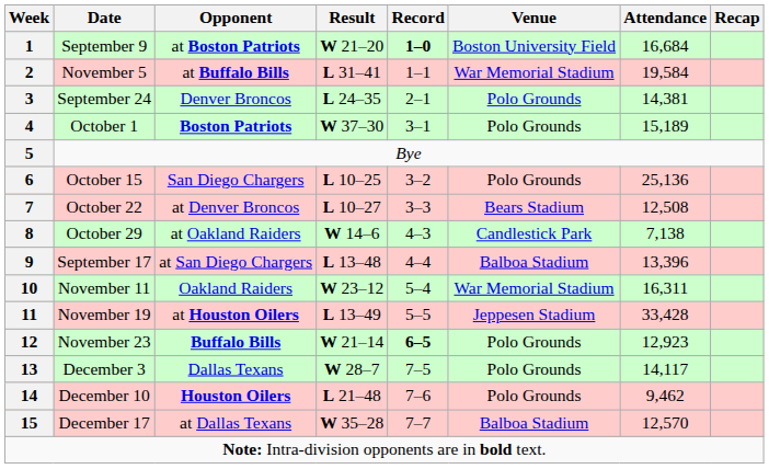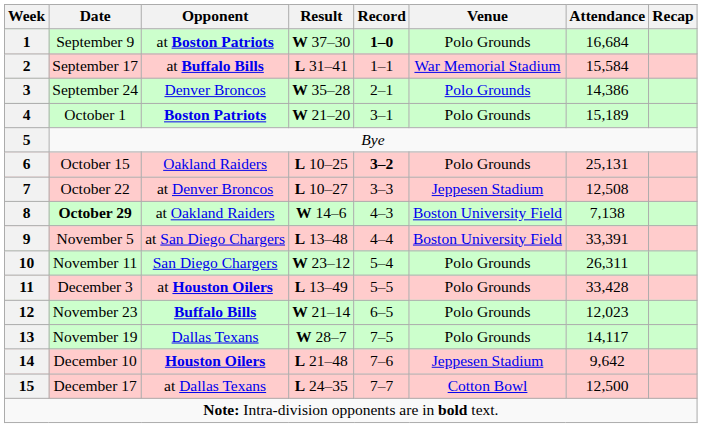 <table class="wikitable" style="text-align:center">
 <tr>
 <th>Week</th>
 <th>Date</th>
 <th>Opponent</th>
 <th>Result</th>
 <th>Record</th>
 <th>Venue</th>
 <th>Attendance</th>
 <th>Recap</th>
 </tr>
 <tr style="background: #cfc;">
 <th>1</th>
 <td>September 9</td>
 <td>at <strong><a href='#'>Boston Patriots</a></strong></td>
-<td><strong>W</strong> 21–20</td>
+<td><strong>W</strong> 37–30</td>
 <td><strong>1–0</strong></td>
-<td><a href='#'>Boston University Field</a></td>
+<td>Polo Grounds</td>
 <td>16,684</td>
 <td></td>
 </tr>
 <tr style="background: #fcc;">
 <th>2</th>
-<td>November 5</td>
+<td>September 17</td>
 <td>at <strong><a href='#'>Buffalo Bills</a></strong></td>
 <td><strong>L</strong> 31–41</td>
 <td>1–1</td>
 <td><a href='#'>War Memorial Stadium</a></td>
-<td>19,584</td>
+<td>15,584</td>
 <td></td>
 </tr>
 <tr style="background: #cfc;">
 <th>3</th>
 <td>September 24</td>
 <td><a href='#'>Denver Broncos</a></td>
-<td><strong>L</strong> 24–35</td>
+<td><strong>W</strong> 35–28</td>
 <td>2–1</td>
 <td><a href='#'>Polo Grounds</a></td>
-<td>14,381</td>
+<td>14,386</td>
 <td></td>
 </tr>
 <tr style="background: #cfc;">
 <th>4</th>
 <td>October 1</td>
 <td><strong><a href='#'>Boston Patriots</a></strong></td>
-<td><strong>W</strong> 37–30</td>
+<td><strong>W</strong> 21–20</td>
 <td>3–1</td>
 <td>Polo Grounds</td>
 <td>15,189</td>
 <td></td>
 </tr>
 <tr>
 <th>5</th>
 <td align=center colspan=7><em>Bye</em></td>
 </tr>
 <tr style="background: #fcc;">
 <th>6</th>
 <td>October 15</td>
-<td><a href='#'>San Diego Chargers</a></td>
+<td><a href='#'>Oakland Raiders</a></td>
 <td><strong>L</strong> 10–25</td>
-<td>3–2</td>
+<td><strong>3–2</strong></td>
 <td>Polo Grounds</td>
-<td>25,136</td>
+<td>25,131</td>
 <td></td>
 </tr>
 <tr style="background: #fcc;">
 <th>7</th>
 <td>October 22</td>
 <td>at <a href='#'>Denver Broncos</a></td>
 <td><strong>L</strong> 10–27</td>
 <td>3–3</td>
-<td><a href='#'>Bears Stadium</a></td>
+<td><a href='#'>Jeppesen Stadium</a></td>
 <td>12,508</td>
 <td></td>
 </tr>
 <tr style="background: #cfc;">
 <th>8</th>
-<td>October 29</td>
+<td><strong>October 29</strong></td>
 <td>at <a href='#'>Oakland Raiders</a></td>
 <td><strong>W</strong> 14–6</td>
 <td>4–3</td>
-<td><a href='#'>Candlestick Park</a></td>
+<td><a href='#'>Boston University Field</a></td>
 <td>7,138</td>
 <td></td>
 </tr>
 <tr style="background: #fcc;">
 <th>9</th>
-<td>September 17</td>
+<td>November 5</td>
 <td>at <a href='#'>San Diego Chargers</a></td>
 <td><strong>L</strong> 13–48</td>
 <td>4–4</td>
-<td><a href='#'>Balboa Stadium</a></td>
-<td>13,396</td>
+<td><a href='#'>Boston University Field</a></td>
+<td>33,391</td>
 <td></td>
 </tr>
 <tr style="background: #cfc;">
 <th>10</th>
 <td>November 11</td>
-<td><a href='#'>Oakland Raiders</a></td>
+<td><a href='#'>San Diego Chargers</a></td>
 <td><strong>W</strong> 23–12</td>
 <td>5–4</td>
-<td><a href='#'>War Memorial Stadium</a></td>
-<td>16,311</td>
+<td>Polo Grounds</td>
+<td>26,311</td>
 <td></td>
 </tr>
 <tr style="background: #fcc;">
 <th>11</th>
-<td>November 19</td>
+<td>December 3</td>
 <td>at <strong><a href='#'>Houston Oilers</a></strong></td>
 <td><strong>L</strong> 13–49</td>
 <td>5–5</td>
-<td><a href='#'>Jeppesen Stadium</a></td>
+<td>Polo Grounds</td>
 <td>33,428</td>
 <td></td>
 </tr>
 <tr style="background: #cfc;">
 <th>12</th>
 <td>November 23</td>
 <td><strong><a href='#'>Buffalo Bills</a></strong></td>
 <td><strong>W</strong> 21–14</td>
-<td><strong>6–5</strong></td>
+<td>6–5</td>
 <td>Polo Grounds</td>
-<td>12,923</td>
+<td>12,023</td>
 <td></td>
 </tr>
 <tr style="background: #cfc;">
 <th>13</th>
-<td>December 3</td>
+<td>November 19</td>
 <td><a href='#'>Dallas Texans</a></td>
 <td><strong>W</strong> 28–7</td>
 <td>7–5</td>
 <td>Polo Grounds</td>
 <td>14,117</td>
 <td></td>
 </tr>
 <tr style="background: #fcc;">
 <th>14</th>
 <td>December 10</td>
 <td><strong><a href='#'>Houston Oilers</a></strong></td>
 <td><strong>L</strong> 21–48</td>
 <td>7–6</td>
-<td>Polo Grounds</td>
-<td>9,462</td>
+<td><a href='#'>Jeppesen Stadium</a></td>
+<td>9,642</td>
 <td></td>
 </tr>
 <tr style="background: #fcc;">
 <th>15</th>
 <td>December 17</td>
 <td>at <a href='#'>Dallas Texans</a></td>
-<td><strong>W</strong> 35–28</td>
+<td><strong>L</strong> 24–35</td>
 <td>7–7</td>
-<td><a href='#'>Balboa Stadium</a></td>
-<td>12,570</td>
+<td><a href='#'>Cotton Bowl</a></td>
+<td>12,500</td>
 <td></td>
 </tr>
 <tr>
 <td colspan="8"><strong>Note:</strong> Intra-division opponents are in <strong>bold</strong> text.</td>
 </tr>
 </table>
